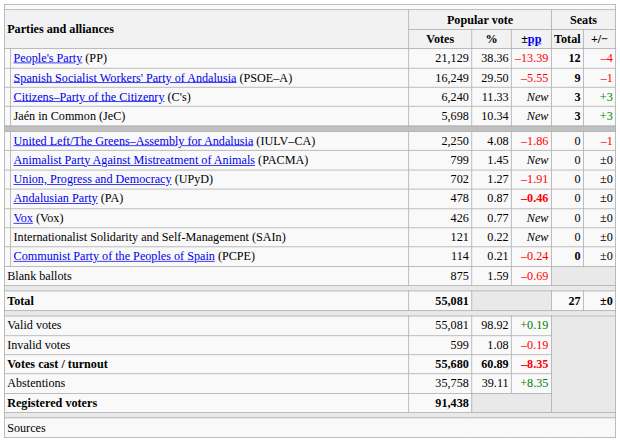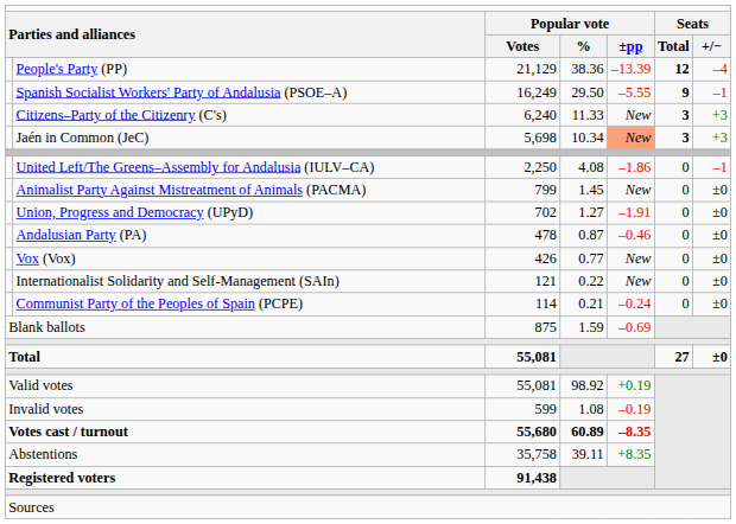 <table class="wikitable" style="text-align:right;">
 <tr>
 <td colspan="7"></td>
 </tr>
 <tr>
 <th style="text-align:left;" rowspan="2" colspan="2" width="525">Parties and alliances</th>
 <th colspan="3">Popular vote</th>
 <th colspan="2">Seats</th>
 </tr>
 <tr>
 <th width="75">Votes</th>
 <th width="45">%</th>
 <th width="45">±<a href='#'>pp</a></th>
 <th width="35">Total</th>
 <th width="35">+/−</th>
 </tr>
 <tr>
 <td width="1" style="color:inherit;background:"></td>
 <td align="left"><a href='#'>People's Party</a> (PP)</td>
 <td>21,129</td>
 <td>38.36</td>
 <td style="color:red;">–13.39</td>
 <td><strong>12</strong></td>
 <td style="color:red;">–4</td>
 </tr>
 <tr>
 <td style="color:inherit;background:"></td>
 <td align="left"><a href='#'>Spanish Socialist Workers' Party of Andalusia</a> (PSOE–A)</td>
 <td>16,249</td>
 <td>29.50</td>
 <td style="color:red;">–5.55</td>
 <td><strong>9</strong></td>
 <td style="color:red;">–1</td>
 </tr>
 <tr>
 <td style="color:inherit;background:"></td>
 <td align="left"><a href='#'>Citizens–Party of the Citizenry</a> (C's)</td>
 <td>6,240</td>
 <td>11.33</td>
 <td><em>New</em></td>
 <td><strong>3</strong></td>
 <td style="color:green;">+3</td>
 </tr>
 <tr>
 <td style="color:inherit;background:"></td>
 <td align="left">Jaén in Common (JeC)</td>
 <td>5,698</td>
 <td>10.34</td>
-<td><em>New</em></td>
+<td style="background: lightsalmon;"><em>New</em></td>
 <td><strong>3</strong></td>
 <td style="color:green;">+3</td>
 </tr>
 <tr>
 <td colspan="7" bgcolor="#C0C0C0"></td>
 </tr>
 <tr>
 <td style="color:inherit;background:"></td>
 <td align="left"><a href='#'>United Left/The Greens–Assembly for Andalusia</a> (IULV–CA)</td>
 <td>2,250</td>
 <td>4.08</td>
 <td style="color:red;">–1.86</td>
 <td>0</td>
 <td style="color:red;">–1</td>
 </tr>
 <tr>
 <td style="color:inherit;background:"></td>
 <td align="left"><a href='#'>Animalist Party Against Mistreatment of Animals</a> (PACMA)</td>
 <td>799</td>
 <td>1.45</td>
 <td><em>New</em></td>
 <td>0</td>
 <td>±0</td>
 </tr>
 <tr>
 <td style="color:inherit;background:"></td>
 <td align="left"><a href='#'>Union, Progress and Democracy</a> (UPyD)</td>
 <td>702</td>
 <td>1.27</td>
 <td style="color:red;">–1.91</td>
 <td>0</td>
 <td>±0</td>
 </tr>
 <tr>
 <td style="color:inherit;background:"></td>
 <td align="left"><a href='#'>Andalusian Party</a> (PA)</td>
 <td>478</td>
 <td>0.87</td>
-<td style="color:red;"><strong>–0.46</strong></td>
+<td style="color:red;">–0.46</td>
 <td>0</td>
 <td>±0</td>
 </tr>
 <tr>
 <td style="color:inherit;background:"></td>
 <td align="left"><a href='#'>Vox</a> (Vox)</td>
 <td>426</td>
 <td>0.77</td>
 <td><em>New</em></td>
 <td>0</td>
 <td>±0</td>
 </tr>
 <tr>
 <td style="color:inherit;background:"></td>
 <td align="left">Internationalist Solidarity and Self-Management (SAIn)</td>
 <td>121</td>
 <td>0.22</td>
 <td><em>New</em></td>
 <td>0</td>
 <td>±0</td>
 </tr>
 <tr>
 <td style="color:inherit;background:"></td>
 <td align="left"><a href='#'>Communist Party of the Peoples of Spain</a> (PCPE)</td>
 <td>114</td>
 <td>0.21</td>
 <td style="color:red;">–0.24</td>
-<td><strong>0</strong></td>
+<td>0</td>
 <td>±0</td>
 </tr>
 <tr>
 <td align="left" colspan="2">Blank ballots</td>
 <td>875</td>
 <td>1.59</td>
 <td style="color:red;">–0.69</td>
 <td bgcolor="#E9E9E9" colspan="2"></td>
 </tr>
 <tr>
 <td colspan="7" bgcolor="#E9E9E9"></td>
 </tr>
 <tr style="font-weight:bold;">
 <td align="left" colspan="2">Total</td>
 <td>55,081</td>
 <td bgcolor="#E9E9E9" colspan="2"></td>
 <td>27</td>
 <td>±0</td>
 </tr>
 <tr>
 <td colspan="7" bgcolor="#E9E9E9"></td>
 </tr>
 <tr>
 <td align="left" colspan="2">Valid votes</td>
 <td>55,081</td>
 <td>98.92</td>
 <td style="color:green;">+0.19</td>
 <td bgcolor="#E9E9E9" colspan="2" rowspan="5"></td>
 </tr>
 <tr>
 <td align="left" colspan="2">Invalid votes</td>
 <td>599</td>
 <td>1.08</td>
 <td style="color:red;">–0.19</td>
 </tr>
 <tr style="font-weight:bold;">
 <td align="left" colspan="2">Votes cast / turnout</td>
 <td>55,680</td>
 <td>60.89</td>
 <td style="color:red;">–8.35</td>
 </tr>
 <tr>
 <td align="left" colspan="2">Abstentions</td>
 <td>35,758</td>
 <td>39.11</td>
 <td style="color:green;">+8.35</td>
 </tr>
 <tr style="font-weight:bold;">
 <td align="left" colspan="2">Registered voters</td>
 <td>91,438</td>
 <td bgcolor="#E9E9E9" colspan="2"></td>
 </tr>
 <tr>
 <td colspan="7" bgcolor="#E9E9E9"></td>
 </tr>
 <tr>
 <td align="left" colspan="7">Sources</td>
 </tr>
 </table>
